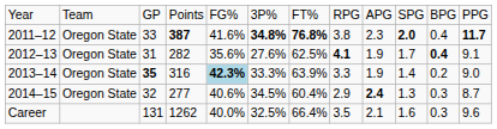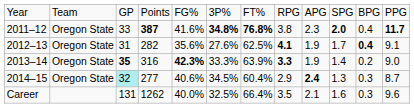 <table class="wikitable">
 <tr>
 <td>Year</td>
 <td>Team</td>
 <td>GP</td>
 <td>Points</td>
 <td>FG%</td>
 <td>3P%</td>
 <td>FT%</td>
 <td>RPG</td>
 <td>APG</td>
 <td>SPG</td>
 <td>BPG</td>
 <td>PPG</td>
 </tr>
 <tr>
 <td>2011–12</td>
 <td>Oregon State</td>
 <td>33</td>
 <td><strong>387</strong></td>
 <td>41.6%</td>
 <td><strong>34.8%</strong></td>
 <td><strong>76.8%</strong></td>
 <td>3.8</td>
 <td>2.3</td>
 <td><strong>2.0</strong></td>
 <td>0.4</td>
 <td><strong>11.7</strong></td>
 </tr>
 <tr>
 <td>2012–13</td>
 <td>Oregon State</td>
 <td>31</td>
 <td>282</td>
 <td>35.6%</td>
 <td>27.6%</td>
 <td>62.5%</td>
 <td><strong>4.1</strong></td>
 <td>1.9</td>
 <td>1.7</td>
 <td><strong>0.4</strong></td>
 <td>9.1</td>
 </tr>
 <tr>
 <td>2013–14</td>
 <td>Oregon State</td>
 <td><strong>35</strong></td>
 <td>316</td>
-<td style="background: lightblue;"><strong>42.3%</strong></td>
+<td><strong>42.3%</strong></td>
 <td>33.3%</td>
 <td>63.9%</td>
-<td>3.3</td>
+<td><strong>3.3</strong></td>
 <td>1.9</td>
 <td>1.4</td>
 <td>0.2</td>
 <td>9.0</td>
 </tr>
 <tr>
 <td>2014–15</td>
 <td>Oregon State</td>
-<td>32</td>
+<td style="background: paleturquoise;">32</td>
 <td>277</td>
 <td>40.6%</td>
 <td>34.5%</td>
 <td>60.4%</td>
 <td>2.9</td>
 <td><strong>2.4</strong></td>
 <td>1.3</td>
 <td>0.3</td>
 <td>8.7</td>
 </tr>
 <tr>
 <td>Career</td>
 <td></td>
 <td>131</td>
 <td>1262</td>
 <td>40.0%</td>
 <td>32.5%</td>
 <td>66.4%</td>
 <td>3.5</td>
 <td>2.1</td>
 <td>1.6</td>
 <td>0.3</td>
 <td>9.6</td>
 </tr>
 </table>
